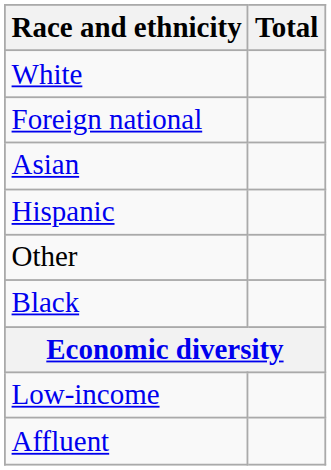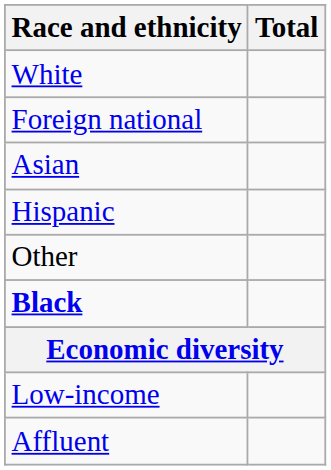 <table class="wikitable floatright sortable collapsible"; text-align:right; font-size:80%;">
 <tr>
 <th>Race and ethnicity</th>
 <th colspan="2" data-sort-type=number>Total</th>
 </tr>
 <tr>
 <td><a href='#'>White</a></td>
 <td align=right></td>
 </tr>
 <tr>
 <td><a href='#'>Foreign national</a></td>
 <td align=right></td>
 </tr>
 <tr>
 <td><a href='#'>Asian</a></td>
 <td align=right></td>
 </tr>
 <tr>
 <td><a href='#'>Hispanic</a></td>
 <td align=right></td>
 </tr>
 <tr>
 <td>Other</td>
 <td align=right></td>
 </tr>
 <tr>
-<td><a href='#'>Black</a></td>
+<td><strong><a href='#'>Black</a></strong></td>
 <td align=right></td>
 </tr>
 <tr>
 <th colspan="4" data-sort-type=number><a href='#'>Economic diversity</a></th>
 </tr>
 <tr>
 <td><a href='#'>Low-income</a></td>
 <td align=right></td>
 </tr>
 <tr>
 <td><a href='#'>Affluent</a></td>
 <td align=right></td>
 </tr>
 </table>
